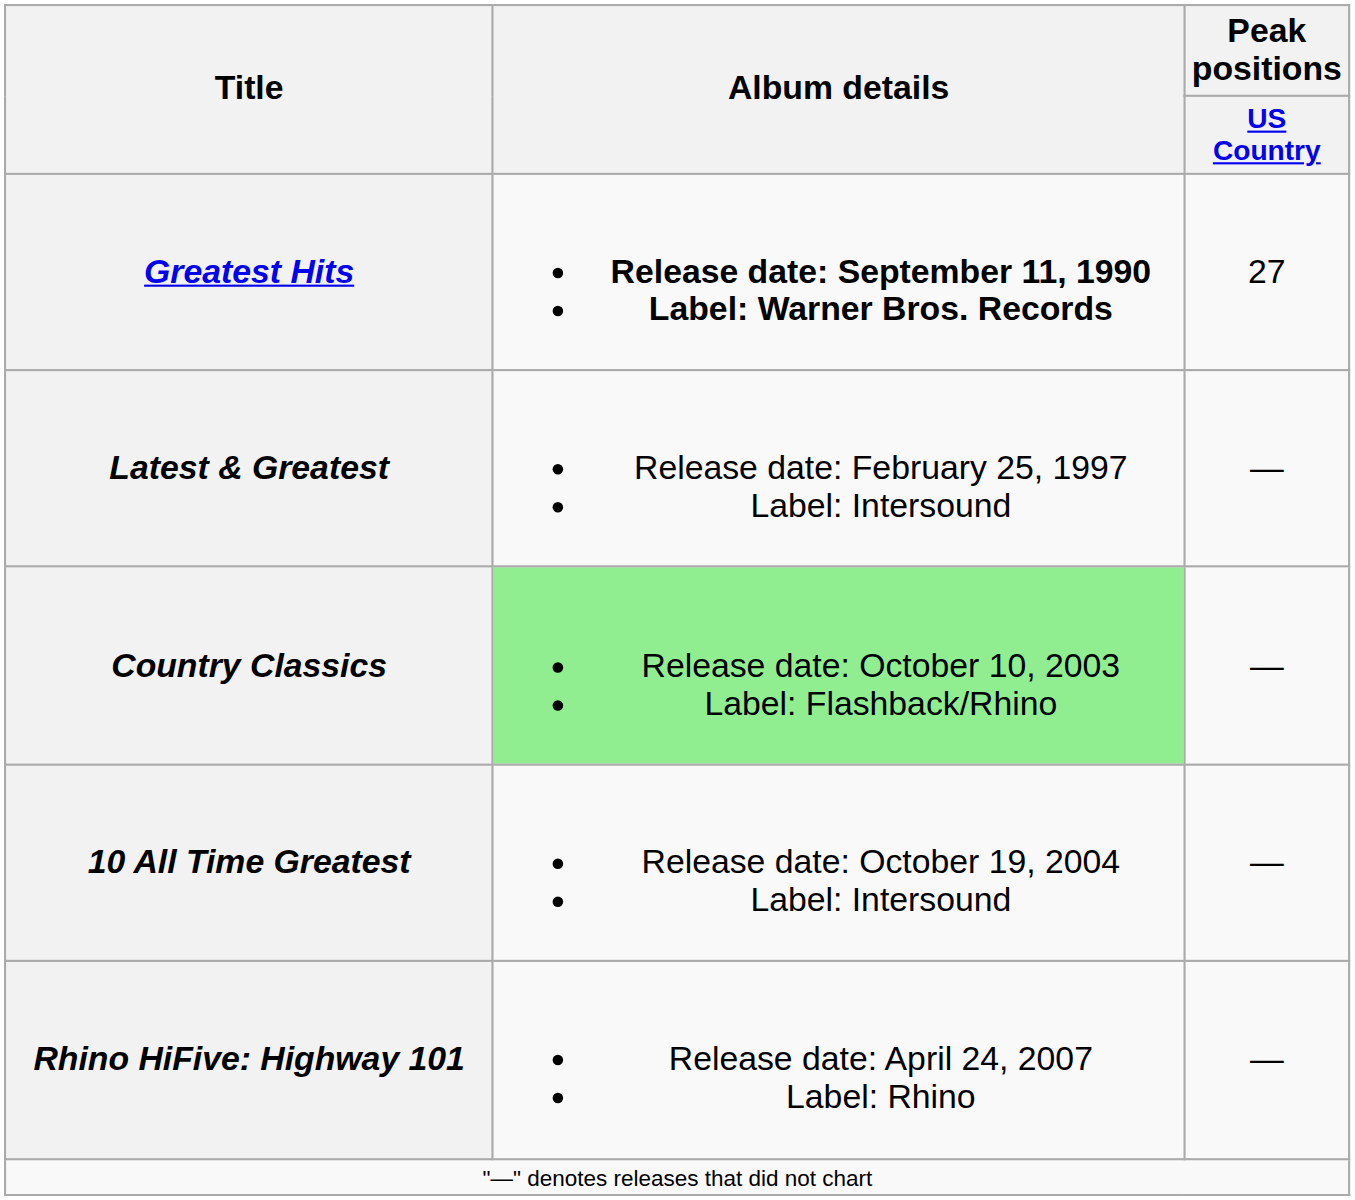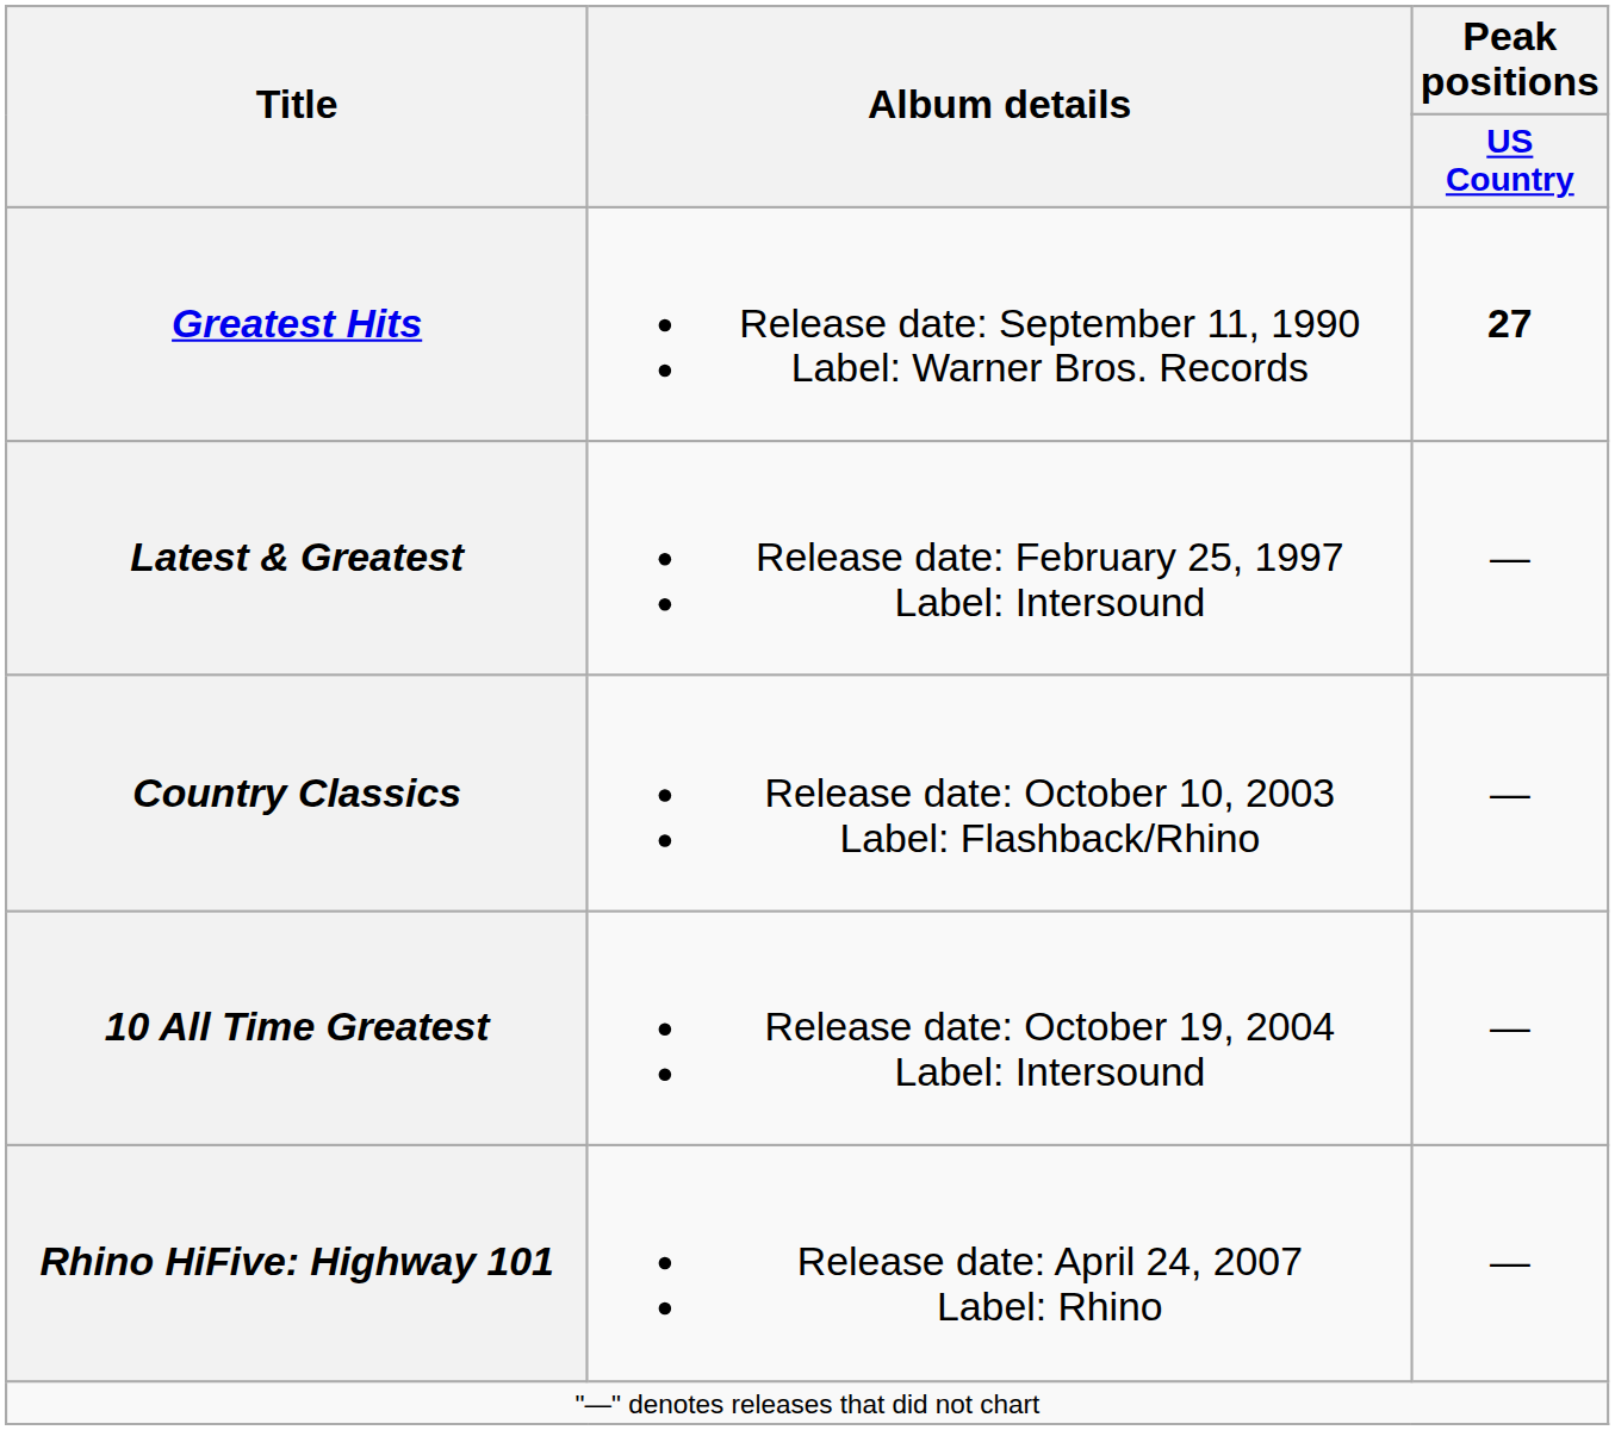 <table class="wikitable plainrowheaders" style="text-align:center;">
 <tr>
 <th rowspan="2" style="width:14em;">Title</th>
 <th rowspan="2" style="width:20em;">Album details</th>
 <th colspan="1">Peak positions</th>
 </tr>
 <tr style="font-size:smaller;">
 <th width="65"><a href='#'>US Country</a></th>
 </tr>
 <tr>
 <th scope="row"><em><a href='#'>Greatest Hits</a></em></th>
-<td><strong><br><ul><li>Release date: September 11, 1990</li><li>Label: Warner Bros. Records</li></ul></strong></td>
-<td>27</td>
+<td><br><ul><li>Release date: September 11, 1990</li><li>Label: Warner Bros. Records</li></ul></td>
+<td><strong>27</strong></td>
 </tr>
 <tr>
 <th scope="row"><em>Latest & Greatest</em></th>
 <td><br><ul><li>Release date: February 25, 1997</li><li>Label: Intersound</li></ul></td>
 <td>—</td>
 </tr>
 <tr>
 <th scope="row"><em>Country Classics</em></th>
-<td style="background: lightgreen;"><br><ul><li>Release date: October 10, 2003</li><li>Label: Flashback/Rhino</li></ul></td>
+<td><br><ul><li>Release date: October 10, 2003</li><li>Label: Flashback/Rhino</li></ul></td>
 <td>—</td>
 </tr>
 <tr>
 <th scope="row"><em>10 All Time Greatest</em></th>
 <td><br><ul><li>Release date: October 19, 2004</li><li>Label: Intersound</li></ul></td>
 <td>—</td>
 </tr>
 <tr>
 <th scope="row"><em>Rhino HiFive: Highway 101</em></th>
 <td><br><ul><li>Release date: April 24, 2007</li><li>Label: Rhino</li></ul></td>
 <td>—</td>
 </tr>
 <tr>
 <td colspan="3" style="font-size:8pt">"—" denotes releases that did not chart</td>
 </tr>
 <tr>
 </tr>
 </table>
